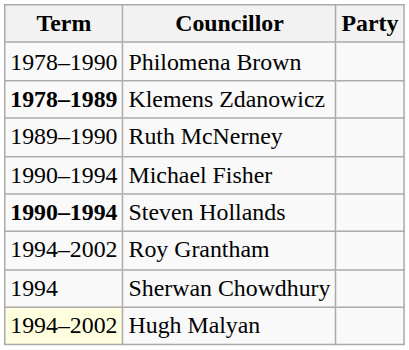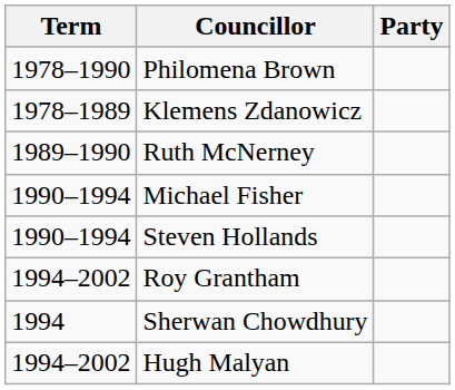 <table class="wikitable">
 <tr>
 <th>Term</th>
 <th>Councillor</th>
 <th colspan=2>Party</th>
 </tr>
 <tr>
 <td>1978–1990</td>
 <td>Philomena Brown</td>
 <td></td>
 </tr>
 <tr>
-<td><strong>1978–1989</strong></td>
+<td>1978–1989</td>
 <td>Klemens Zdanowicz</td>
 <td></td>
 </tr>
 <tr>
 <td>1989–1990</td>
 <td>Ruth McNerney</td>
 <td></td>
 </tr>
 <tr>
 <td>1990–1994</td>
 <td>Michael Fisher</td>
 <td></td>
 </tr>
 <tr>
-<td><strong>1990–1994</strong></td>
+<td>1990–1994</td>
 <td>Steven Hollands</td>
 <td></td>
 </tr>
 <tr>
 <td>1994–2002</td>
 <td>Roy Grantham</td>
 <td></td>
 </tr>
 <tr>
 <td>1994</td>
 <td>Sherwan Chowdhury</td>
 <td></td>
 </tr>
 <tr>
-<td style="background: lightyellow;">1994–2002</td>
+<td>1994–2002</td>
 <td>Hugh Malyan</td>
 <td></td>
 </tr>
 </table>
